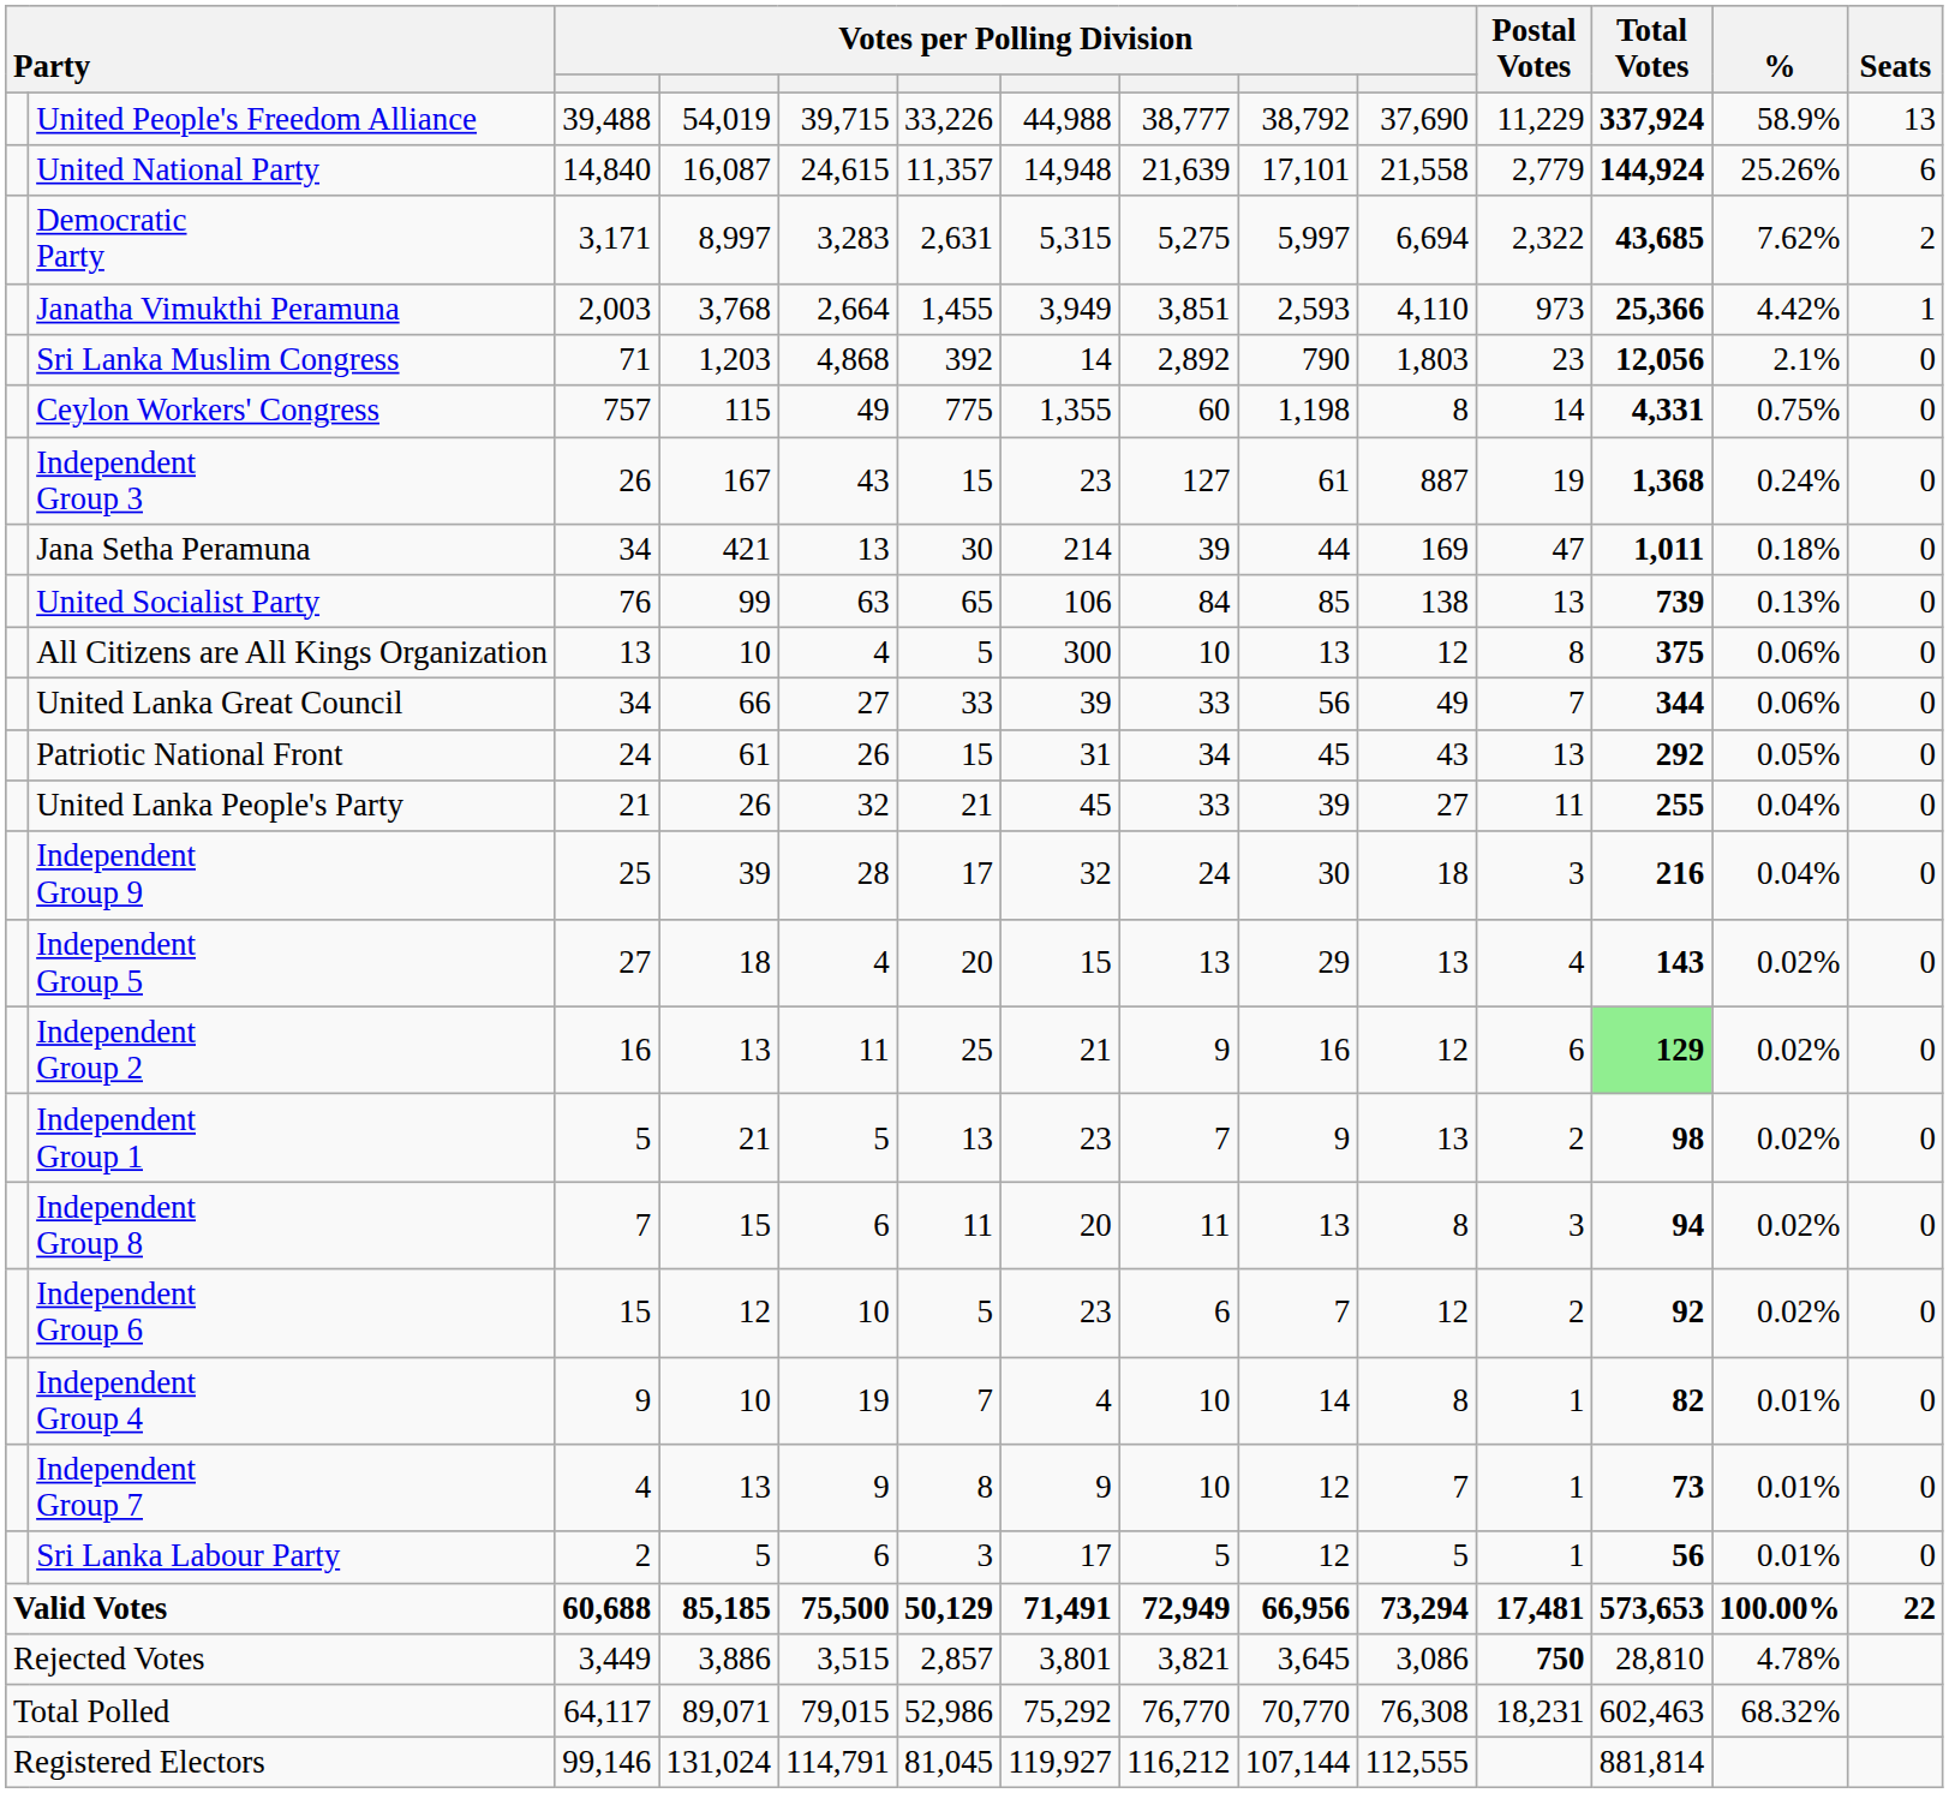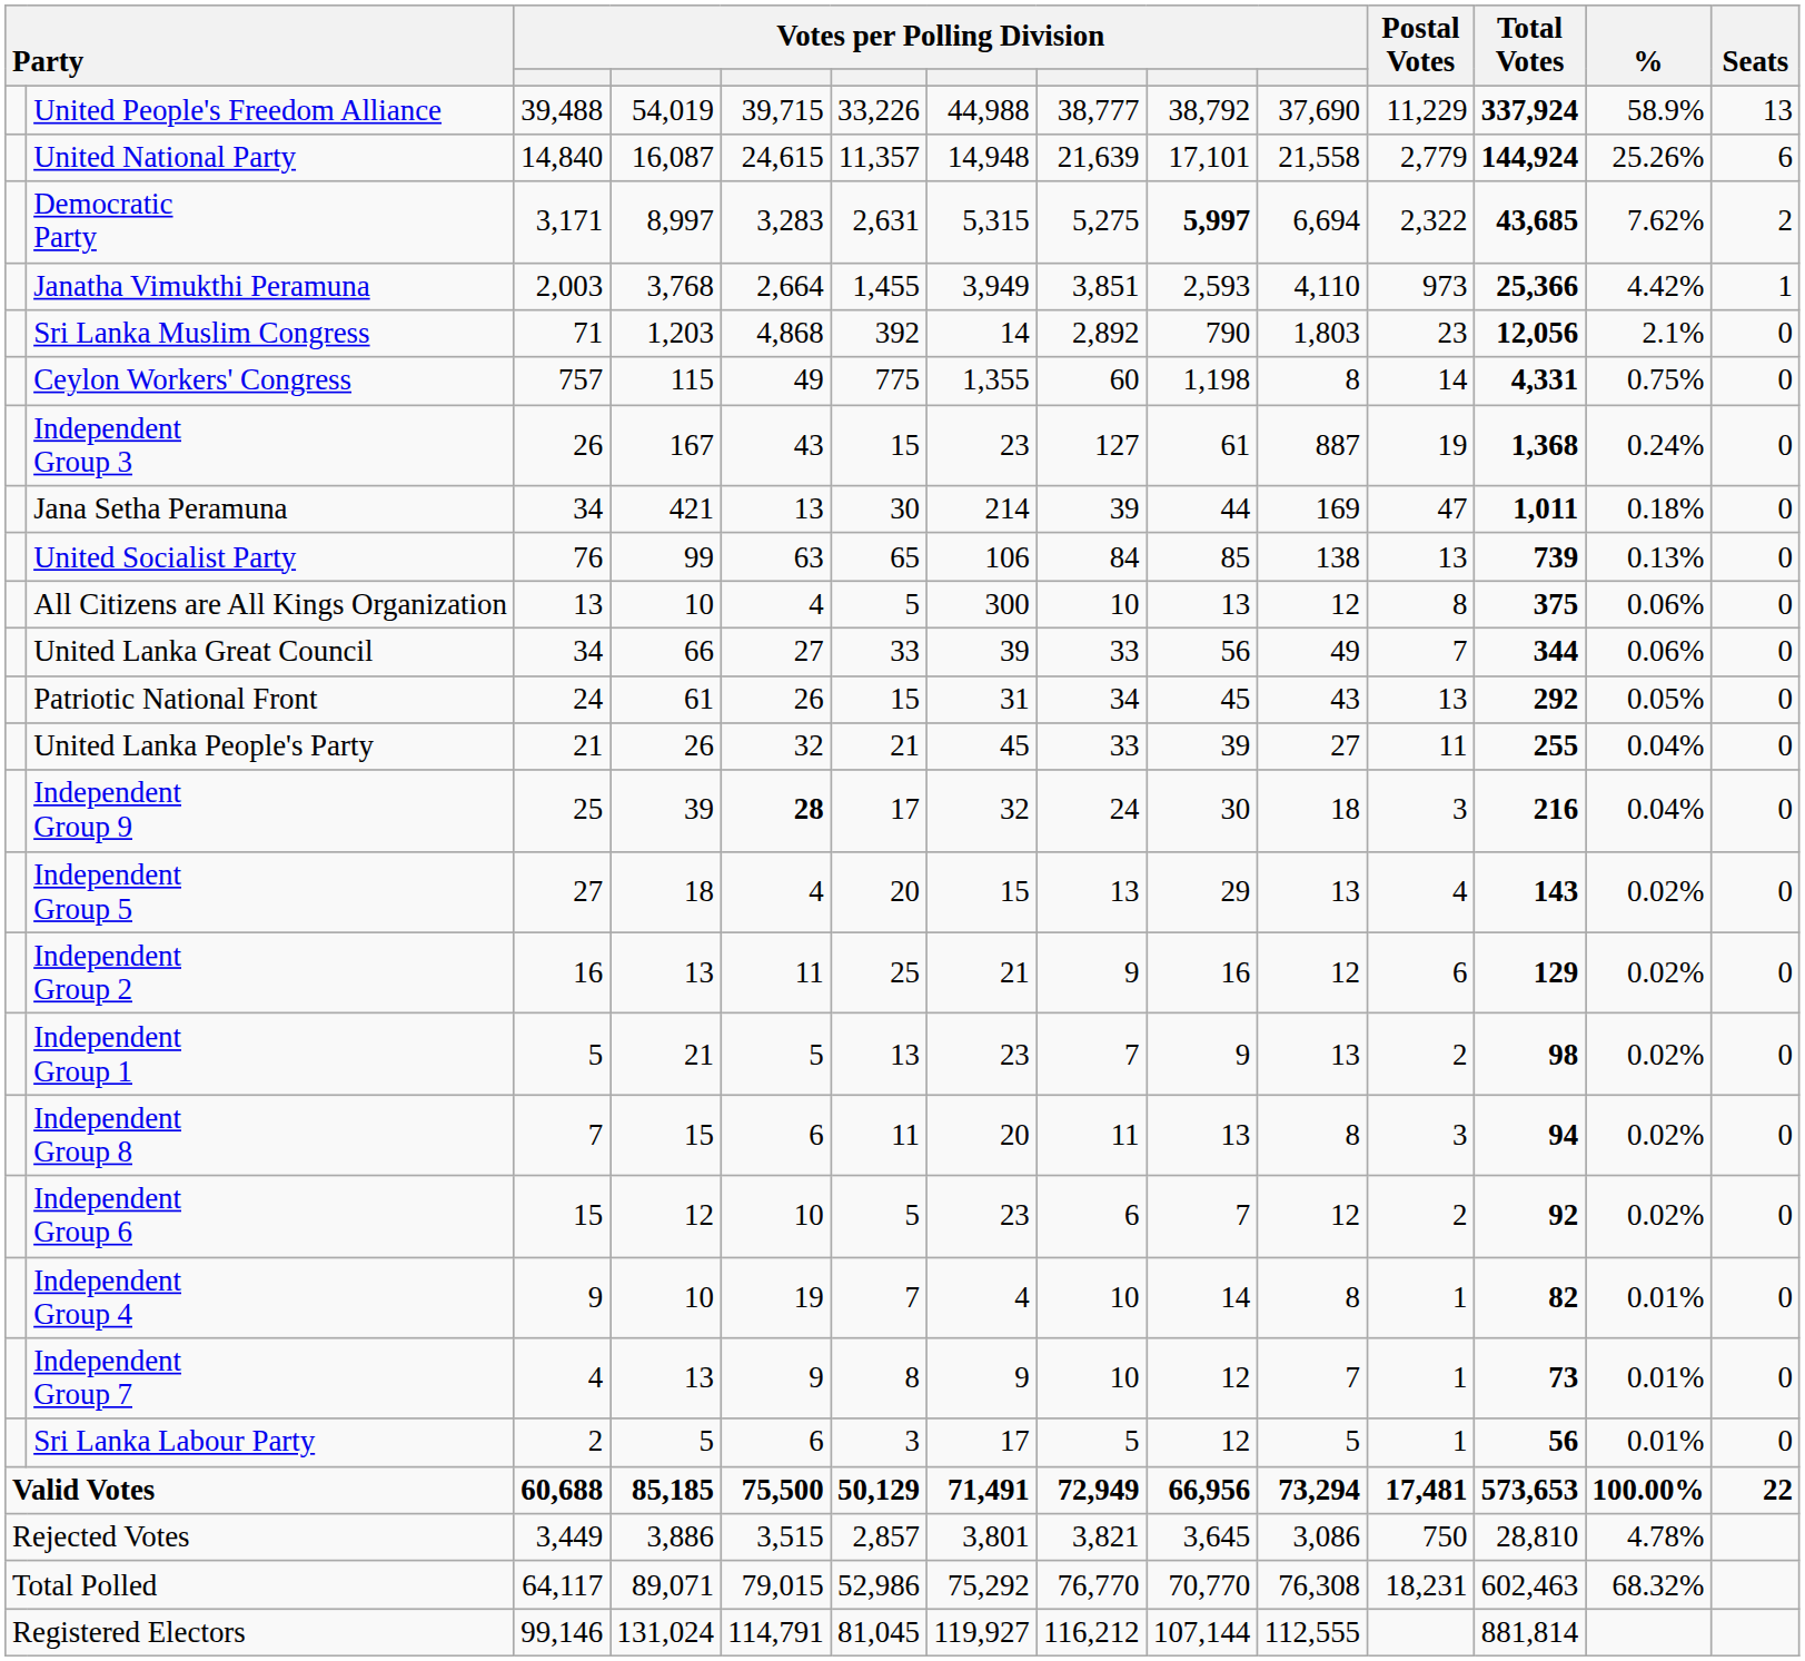 <table class="wikitable" border="1" style="text-align:right;">
 <tr>
 <th style="text-align:left; vertical-align:bottom;" rowspan="2" colspan="2">Party</th>
 <th colspan=8>Votes per Polling Division</th>
 <th rowspan="2" style="vertical-align:bottom; text-align:center; width:50px;">Postal<br>Votes</th>
 <th rowspan="2" style="vertical-align:bottom; text-align:center; width:50px;">Total Votes</th>
 <th rowspan="2" style="vertical-align:bottom; text-align:center; width:50px;">%</th>
 <th rowspan="2" style="vertical-align:bottom; text-align:center; width:40px;">Seats</th>
 </tr>
 <tr>
 <th></th>
 <th></th>
 <th></th>
 <th></th>
 <th></th>
 <th></th>
 <th></th>
 <th></th>
 </tr>
 <tr>
 <td bgcolor=> </td>
 <td align=left><a href='#'>United People's Freedom Alliance</a> </td>
 <td>39,488</td>
 <td>54,019</td>
 <td>39,715</td>
 <td>33,226</td>
 <td>44,988</td>
 <td>38,777</td>
 <td>38,792</td>
 <td>37,690</td>
 <td>11,229</td>
 <td><strong>337,924</strong></td>
 <td>58.9%</td>
 <td>13</td>
 </tr>
 <tr>
 <td bgcolor=> </td>
 <td align=left><a href='#'>United National Party</a></td>
 <td>14,840</td>
 <td>16,087</td>
 <td>24,615</td>
 <td>11,357</td>
 <td>14,948</td>
 <td>21,639</td>
 <td>17,101</td>
 <td>21,558</td>
 <td>2,779</td>
 <td><strong>144,924</strong></td>
 <td>25.26%</td>
 <td>6</td>
 </tr>
 <tr>
 <td bgcolor=> </td>
 <td align=left><a href='#'>Democratic<br>Party</a></td>
 <td>3,171</td>
 <td>8,997</td>
 <td>3,283</td>
 <td>2,631</td>
 <td>5,315</td>
 <td>5,275</td>
-<td>5,997</td>
+<td><strong>5,997</strong></td>
 <td>6,694</td>
 <td>2,322</td>
 <td><strong>43,685</strong></td>
 <td>7.62%</td>
 <td>2</td>
 </tr>
 <tr>
 <td bgcolor=> </td>
 <td align=left><a href='#'>Janatha Vimukthi Peramuna</a></td>
 <td>2,003</td>
 <td>3,768</td>
 <td>2,664</td>
 <td>1,455</td>
 <td>3,949</td>
 <td>3,851</td>
 <td>2,593</td>
 <td>4,110</td>
 <td>973</td>
 <td><strong>25,366</strong></td>
 <td>4.42%</td>
 <td>1</td>
 </tr>
 <tr>
 <td bgcolor=> </td>
 <td align=left><a href='#'>Sri Lanka Muslim Congress</a></td>
 <td>71</td>
 <td>1,203</td>
 <td>4,868</td>
 <td>392</td>
 <td>14</td>
 <td>2,892</td>
 <td>790</td>
 <td>1,803</td>
 <td>23</td>
 <td><strong>12,056</strong></td>
 <td>2.1%</td>
 <td>0</td>
 </tr>
 <tr>
 <td bgcolor=> </td>
 <td align=left><a href='#'>Ceylon Workers' Congress</a></td>
 <td>757</td>
 <td>115</td>
 <td>49</td>
 <td>775</td>
 <td>1,355</td>
 <td>60</td>
 <td>1,198</td>
 <td>8</td>
 <td>14</td>
 <td><strong>4,331</strong></td>
 <td>0.75%</td>
 <td>0</td>
 </tr>
 <tr>
 <td bgcolor=> </td>
 <td align=left><a href='#'>Independent<br>Group 3</a></td>
 <td>26</td>
 <td>167</td>
 <td>43</td>
 <td>15</td>
 <td>23</td>
 <td>127</td>
 <td>61</td>
 <td>887</td>
 <td>19</td>
 <td><strong>1,368</strong></td>
 <td>0.24%</td>
 <td>0</td>
 </tr>
 <tr>
 <td bgcolor=> </td>
 <td align=left>Jana Setha Peramuna</td>
 <td>34</td>
 <td>421</td>
 <td>13</td>
 <td>30</td>
 <td>214</td>
 <td>39</td>
 <td>44</td>
 <td>169</td>
 <td>47</td>
 <td><strong>1,011</strong></td>
 <td>0.18%</td>
 <td>0</td>
 </tr>
 <tr>
 <td bgcolor=> </td>
 <td align=left><a href='#'>United Socialist Party</a></td>
 <td>76</td>
 <td>99</td>
 <td>63</td>
 <td>65</td>
 <td>106</td>
 <td>84</td>
 <td>85</td>
 <td>138</td>
 <td>13</td>
 <td><strong>739</strong></td>
 <td>0.13%</td>
 <td>0</td>
 </tr>
 <tr>
 <td bgcolor=> </td>
 <td align=left>All Citizens are All Kings Organization</td>
 <td>13</td>
 <td>10</td>
 <td>4</td>
 <td>5</td>
 <td>300</td>
 <td>10</td>
 <td>13</td>
 <td>12</td>
 <td>8</td>
 <td><strong>375</strong></td>
 <td>0.06%</td>
 <td>0</td>
 </tr>
 <tr>
 <td bgcolor=> </td>
 <td align=left>United Lanka Great Council</td>
 <td>34</td>
 <td>66</td>
 <td>27</td>
 <td>33</td>
 <td>39</td>
 <td>33</td>
 <td>56</td>
 <td>49</td>
 <td>7</td>
 <td><strong>344</strong></td>
 <td>0.06%</td>
 <td>0</td>
 </tr>
 <tr>
 <td bgcolor=> </td>
 <td align=left>Patriotic National Front</td>
 <td>24</td>
 <td>61</td>
 <td>26</td>
 <td>15</td>
 <td>31</td>
 <td>34</td>
 <td>45</td>
 <td>43</td>
 <td>13</td>
 <td><strong>292</strong></td>
 <td>0.05%</td>
 <td>0</td>
 </tr>
 <tr>
 <td bgcolor=> </td>
 <td align=left>United Lanka People's Party</td>
 <td>21</td>
 <td>26</td>
 <td>32</td>
 <td>21</td>
 <td>45</td>
 <td>33</td>
 <td>39</td>
 <td>27</td>
 <td>11</td>
 <td><strong>255</strong></td>
 <td>0.04%</td>
 <td>0</td>
 </tr>
 <tr>
 <td bgcolor=> </td>
 <td align=left><a href='#'>Independent<br>Group 9</a></td>
 <td>25</td>
 <td>39</td>
-<td>28</td>
+<td><strong>28</strong></td>
 <td>17</td>
 <td>32</td>
 <td>24</td>
 <td>30</td>
 <td>18</td>
 <td>3</td>
 <td><strong>216</strong></td>
 <td>0.04%</td>
 <td>0</td>
 </tr>
 <tr>
 <td bgcolor=> </td>
 <td align=left><a href='#'>Independent<br>Group 5</a></td>
 <td>27</td>
 <td>18</td>
 <td>4</td>
 <td>20</td>
 <td>15</td>
 <td>13</td>
 <td>29</td>
 <td>13</td>
 <td>4</td>
 <td><strong>143</strong></td>
 <td>0.02%</td>
 <td>0</td>
 </tr>
 <tr>
 <td bgcolor=> </td>
 <td align=left><a href='#'>Independent<br>Group 2</a></td>
 <td>16</td>
 <td>13</td>
 <td>11</td>
 <td>25</td>
 <td>21</td>
 <td>9</td>
 <td>16</td>
 <td>12</td>
 <td>6</td>
-<td style="background: lightgreen;"><strong>129</strong></td>
+<td><strong>129</strong></td>
 <td>0.02%</td>
 <td>0</td>
 </tr>
 <tr>
 <td bgcolor=> </td>
 <td align=left><a href='#'>Independent<br>Group 1</a></td>
 <td>5</td>
 <td>21</td>
 <td>5</td>
 <td>13</td>
 <td>23</td>
 <td>7</td>
 <td>9</td>
 <td>13</td>
 <td>2</td>
 <td><strong>98</strong></td>
 <td>0.02%</td>
 <td>0</td>
 </tr>
 <tr>
 <td bgcolor=> </td>
 <td align=left><a href='#'>Independent<br>Group 8</a></td>
 <td>7</td>
 <td>15</td>
 <td>6</td>
 <td>11</td>
 <td>20</td>
 <td>11</td>
 <td>13</td>
 <td>8</td>
 <td>3</td>
 <td><strong>94</strong></td>
 <td>0.02%</td>
 <td>0</td>
 </tr>
 <tr>
 <td bgcolor=> </td>
 <td align=left><a href='#'>Independent<br>Group 6</a></td>
 <td>15</td>
 <td>12</td>
 <td>10</td>
 <td>5</td>
 <td>23</td>
 <td>6</td>
 <td>7</td>
 <td>12</td>
 <td>2</td>
 <td><strong>92</strong></td>
 <td>0.02%</td>
 <td>0</td>
 </tr>
 <tr>
 <td bgcolor=> </td>
 <td align=left><a href='#'>Independent<br>Group 4</a></td>
 <td>9</td>
 <td>10</td>
 <td>19</td>
 <td>7</td>
 <td>4</td>
 <td>10</td>
 <td>14</td>
 <td>8</td>
 <td>1</td>
 <td><strong>82</strong></td>
 <td>0.01%</td>
 <td>0</td>
 </tr>
 <tr>
 <td bgcolor=> </td>
 <td align=left><a href='#'>Independent<br>Group 7</a></td>
 <td>4</td>
 <td>13</td>
 <td>9</td>
 <td>8</td>
 <td>9</td>
 <td>10</td>
 <td>12</td>
 <td>7</td>
 <td>1</td>
 <td><strong>73</strong></td>
 <td>0.01%</td>
 <td>0</td>
 </tr>
 <tr>
 <td bgcolor=> </td>
 <td align=left><a href='#'>Sri Lanka Labour Party</a></td>
 <td>2</td>
 <td>5</td>
 <td>6</td>
 <td>3</td>
 <td>17</td>
 <td>5</td>
 <td>12</td>
 <td>5</td>
 <td>1</td>
 <td><strong>56</strong></td>
 <td>0.01%</td>
 <td>0</td>
 </tr>
 <tr>
 <td align=left colspan="2"><strong>Valid Votes</strong></td>
 <td><strong>60,688</strong></td>
 <td><strong>85,185</strong></td>
 <td><strong>75,500</strong></td>
 <td><strong>50,129</strong></td>
 <td><strong>71,491</strong></td>
 <td><strong>72,949</strong></td>
 <td><strong>66,956</strong></td>
 <td><strong>73,294</strong></td>
 <td><strong>17,481</strong></td>
 <td><strong>573,653</strong></td>
 <td><strong>100.00%</strong></td>
 <td><strong>22</strong></td>
 </tr>
 <tr>
 <td align=left colspan="2">Rejected Votes</td>
 <td>3,449</td>
 <td>3,886</td>
 <td>3,515</td>
 <td>2,857</td>
 <td>3,801</td>
 <td>3,821</td>
 <td>3,645</td>
 <td>3,086</td>
-<td><strong>750</strong></td>
+<td>750</td>
 <td>28,810</td>
 <td>4.78%</td>
 <td></td>
 </tr>
 <tr>
 <td align=left colspan="2">Total Polled</td>
 <td>64,117</td>
 <td>89,071</td>
 <td>79,015</td>
 <td>52,986</td>
 <td>75,292</td>
 <td>76,770</td>
 <td>70,770</td>
 <td>76,308</td>
 <td>18,231</td>
 <td>602,463</td>
 <td>68.32%</td>
 <td></td>
 </tr>
 <tr>
 <td align=left colspan="2">Registered Electors</td>
 <td>99,146</td>
 <td>131,024</td>
 <td>114,791</td>
 <td>81,045</td>
 <td>119,927</td>
 <td>116,212</td>
 <td>107,144</td>
 <td>112,555</td>
 <td></td>
 <td>881,814</td>
 <td></td>
 <td></td>
 </tr>
 </table>
